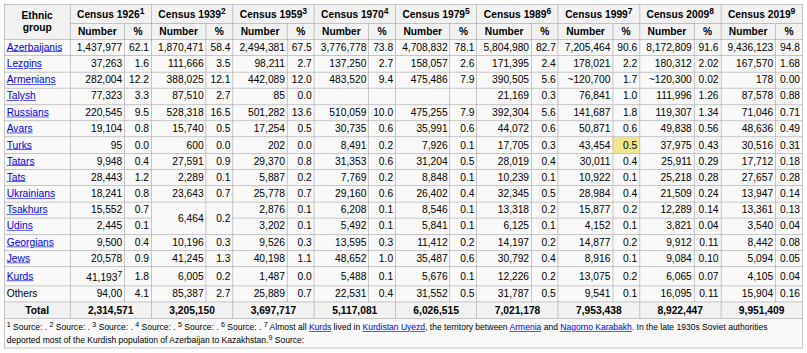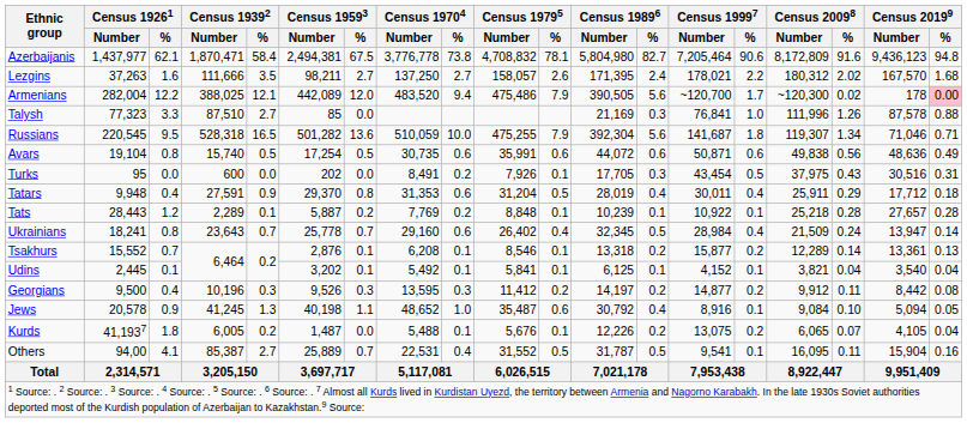 <table class="wikitable sortable" style="text-align: right;">
 <tr bgcolor="#e0e0e0">
 <th rowspan="2">Ethnic<br>group</th>
 <th colspan="2">Census 1926<sup>1</sup></th>
 <th colspan="2">Census 1939<sup>2</sup></th>
 <th colspan="2">Census 1959<sup>3</sup></th>
 <th colspan="2">Census 1970<sup>4</sup></th>
 <th colspan="2">Census 1979<sup>5</sup></th>
 <th colspan="2">Census 1989<sup>6</sup></th>
 <th colspan="2">Census 1999<sup>7</sup></th>
 <th colspan="2">Census 2009<sup>8</sup></th>
 <th colspan="2">Census 2019<sup>9</sup></th>
 </tr>
 <tr bgcolor="#e0e0e0">
 <th>Number</th>
 <th>%</th>
 <th>Number</th>
 <th>%</th>
 <th>Number</th>
 <th>%</th>
 <th>Number</th>
 <th>%</th>
 <th>Number</th>
 <th>%</th>
 <th>Number</th>
 <th>%</th>
 <th>Number</th>
 <th>%</th>
 <th>Number</th>
 <th>%</th>
 <th>Number</th>
 <th>%</th>
 </tr>
 <tr>
 <td align="left"><a href='#'>Azerbaijanis</a></td>
 <td align="right">1,437,977</td>
 <td align="right">62.1</td>
 <td align="right">1,870,471</td>
 <td align="right">58.4</td>
 <td align="right">2,494,381</td>
 <td align="right">67.5</td>
 <td align="right">3,776,778</td>
 <td align="right">73.8</td>
 <td align="right">4,708,832</td>
 <td align="right">78.1</td>
 <td align="right">5,804,980</td>
 <td align="right">82.7</td>
 <td align="right">7,205,464</td>
 <td align="right">90.6</td>
 <td align="right">8,172,809</td>
 <td align="right">91.6</td>
 <td align="right">9,436,123</td>
 <td align="right">94.8</td>
 </tr>
 <tr>
 <td align="left"><a href='#'>Lezgins</a></td>
 <td align="right">37,263</td>
 <td align="right">1.6</td>
 <td align="right">111,666</td>
 <td align="right">3.5</td>
 <td align="right">98,211</td>
 <td align="right">2.7</td>
 <td align="right">137,250</td>
 <td align="right">2.7</td>
 <td align="right">158,057</td>
 <td align="right">2.6</td>
 <td align="right">171,395</td>
 <td align="right">2.4</td>
 <td align="right">178,021</td>
 <td align="right">2.2</td>
 <td align="right">180,312</td>
 <td align="right">2.02</td>
 <td align="right">167,570</td>
 <td align="right">1.68</td>
 </tr>
 <tr>
 <td align="left"><a href='#'>Armenians</a></td>
 <td align="right">282,004</td>
 <td align="right">12.2</td>
 <td>388,025</td>
 <td>12.1</td>
 <td align="right">442,089</td>
 <td align="right">12.0</td>
 <td align="right">483,520</td>
 <td align="right">9.4</td>
 <td align="right">475,486</td>
 <td align="right">7.9</td>
 <td align="right">390,505</td>
 <td align="right">5.6</td>
 <td align="right">~120,700</td>
 <td align="right">1.7</td>
 <td align="right">~120,300</td>
 <td align="right">0.02</td>
 <td align="right">178</td>
-<td>0.00</td>
+<td style="background: pink;">0.00</td>
 </tr>
 <tr>
 <td align="left"><a href='#'>Talysh</a></td>
 <td align="right">77,323</td>
 <td align="right">3.3</td>
 <td align="right">87,510</td>
 <td align="right">2.7</td>
 <td align="right">85</td>
 <td align="right">0.0</td>
 <td align="right"></td>
 <td align="right"></td>
 <td align="right"></td>
 <td align="right"></td>
 <td align="right">21,169</td>
 <td align="right">0.3</td>
 <td align="right">76,841</td>
 <td align="right">1.0</td>
 <td align="right">111,996</td>
 <td align="right">1.26</td>
 <td align="right">87,578</td>
 <td align="right">0.88</td>
 </tr>
 <tr>
 <td align="left"><a href='#'>Russians</a></td>
 <td align="right">220,545</td>
 <td align="right">9.5</td>
 <td align="right">528,318</td>
 <td align="right">16.5</td>
 <td align="right">501,282</td>
 <td align="right">13.6</td>
 <td align="right">510,059</td>
 <td align="right">10.0</td>
 <td align="right">475,255</td>
 <td align="right">7.9</td>
 <td align="right">392,304</td>
 <td align="right">5.6</td>
 <td align="right">141,687</td>
 <td align="right">1.8</td>
 <td align="right">119,307</td>
 <td align="right">1.34</td>
 <td align="right">71,046</td>
 <td align="right">0.71</td>
 </tr>
 <tr>
 <td align="left"><a href='#'>Avars</a></td>
 <td align="right">19,104</td>
 <td align="right">0.8</td>
 <td align="right">15,740</td>
 <td align="right">0.5</td>
 <td align="right">17,254</td>
 <td align="right">0.5</td>
 <td align="right">30,735</td>
 <td align="right">0.6</td>
 <td align="right">35,991</td>
 <td align="right">0.6</td>
 <td align="right">44,072</td>
 <td align="right">0.6</td>
 <td align="right">50,871</td>
 <td align="right">0.6</td>
 <td align="right">49,838</td>
 <td align="right">0.56</td>
 <td align="right">48,636</td>
 <td align="right">0.49</td>
 </tr>
 <tr>
 <td align="left"><a href='#'>Turks</a></td>
 <td align="right">95</td>
 <td align="right">0.0</td>
 <td align="right">600</td>
 <td align="right">0.0</td>
 <td align="right">202</td>
 <td align="right">0.0</td>
 <td align="right">8,491</td>
 <td align="right">0.2</td>
 <td align="right">7,926</td>
 <td align="right">0.1</td>
 <td align="right">17,705</td>
 <td align="right">0.3</td>
 <td align="right">43,454</td>
-<td align="right" style="background: khaki;">0.5</td>
+<td align="right">0.5</td>
 <td align="right">37,975</td>
 <td align="right">0.43</td>
 <td align="right">30,516</td>
 <td align="right">0.31</td>
 </tr>
 <tr>
 <td align="left"><a href='#'>Tatars</a></td>
 <td align="right">9,948</td>
 <td align="right">0.4</td>
 <td align="right">27,591</td>
 <td align="right">0.9</td>
 <td align="right">29,370</td>
 <td align="right">0.8</td>
 <td align="right">31,353</td>
 <td align="right">0.6</td>
 <td align="right">31,204</td>
 <td align="right">0.5</td>
 <td align="right">28,019</td>
 <td align="right">0.4</td>
 <td align="right">30,011</td>
 <td align="right">0.4</td>
 <td align="right">25,911</td>
 <td align="right">0.29</td>
 <td align="right">17,712</td>
 <td align="right">0.18</td>
 </tr>
 <tr>
 <td align="left"><a href='#'>Tats</a></td>
 <td align="right">28,443</td>
 <td align="right">1.2</td>
 <td align="right">2,289</td>
 <td align="right">0.1</td>
 <td align="right">5,887</td>
 <td align="right">0.2</td>
 <td align="right">7,769</td>
 <td align="right">0.2</td>
 <td align="right">8,848</td>
 <td align="right">0.1</td>
 <td align="right">10,239</td>
 <td align="right">0.1</td>
 <td align="right">10,922</td>
 <td align="right">0.1</td>
 <td align="right">25,218</td>
 <td align="right">0.28</td>
 <td align="right">27,657</td>
 <td align="right">0.28</td>
 </tr>
 <tr>
 <td align="left"><a href='#'>Ukrainians</a></td>
 <td align="right">18,241</td>
 <td align="right">0.8</td>
 <td align="right">23,643</td>
 <td align="right">0.7</td>
 <td align="right">25,778</td>
 <td align="right">0.7</td>
 <td align="right">29,160</td>
 <td align="right">0.6</td>
 <td align="right">26,402</td>
 <td align="right">0.4</td>
 <td align="right">32,345</td>
 <td align="right">0.5</td>
 <td align="right">28,984</td>
 <td align="right">0.4</td>
 <td align="right">21,509</td>
 <td align="right">0.24</td>
 <td align="right">13,947</td>
 <td align="right">0.14</td>
 </tr>
 <tr>
 <td align="left"><a href='#'>Tsakhurs</a></td>
 <td align="right">15,552</td>
 <td align="right">0.7</td>
 <td rowspan="2" align="right">6,464</td>
 <td rowspan="2" align="right">0.2</td>
 <td align="right">2,876</td>
 <td align="right">0.1</td>
 <td align="right">6,208</td>
 <td align="right">0.1</td>
 <td align="right">8,546</td>
 <td align="right">0.1</td>
 <td align="right">13,318</td>
 <td align="right">0.2</td>
 <td align="right">15,877</td>
 <td align="right">0.2</td>
 <td align="right">12,289</td>
 <td align="right">0.14</td>
 <td align="right">13,361</td>
 <td align="right">0.13</td>
 </tr>
 <tr>
 <td align="left"><a href='#'>Udins</a></td>
 <td align="right">2,445</td>
 <td align="right">0.1</td>
 <td align="right">3,202</td>
 <td align="right">0.1</td>
 <td align="right">5,492</td>
 <td align="right">0.1</td>
 <td align="right">5,841</td>
 <td align="right">0.1</td>
 <td align="right">6,125</td>
 <td align="right">0.1</td>
 <td align="right">4,152</td>
 <td align="right">0.1</td>
 <td align="right">3,821</td>
 <td align="right">0.04</td>
 <td align="right">3,540</td>
 <td align="right">0.04</td>
 </tr>
 <tr>
 <td align="left"><a href='#'>Georgians</a></td>
 <td align="right">9,500</td>
 <td align="right">0.4</td>
 <td align="right">10,196</td>
 <td align="right">0.3</td>
 <td align="right">9,526</td>
 <td align="right">0.3</td>
 <td align="right">13,595</td>
 <td align="right">0.3</td>
 <td align="right">11,412</td>
 <td align="right">0.2</td>
 <td align="right">14,197</td>
 <td align="right">0.2</td>
 <td align="right">14,877</td>
 <td align="right">0.2</td>
 <td align="right">9,912</td>
 <td align="right">0.11</td>
 <td align="right">8,442</td>
 <td align="right">0.08</td>
 </tr>
 <tr>
 <td align="left"><a href='#'>Jews</a></td>
 <td align="right">20,578</td>
 <td align="right">0.9</td>
 <td align="right">41,245</td>
 <td align="right">1.3</td>
 <td align="right">40,198</td>
 <td align="right">1.1</td>
 <td align="right">48,652</td>
 <td align="right">1.0</td>
 <td align="right">35,487</td>
 <td align="right">0.6</td>
 <td align="right">30,792</td>
 <td align="right">0.4</td>
 <td align="right">8,916</td>
 <td align="right">0.1</td>
 <td align="right">9,084</td>
 <td align="right">0.10</td>
 <td align="right">5,094</td>
 <td align="right">0.05</td>
 </tr>
 <tr>
 <td align="left"><a href='#'>Kurds</a></td>
 <td align="right">41,193<sup>7</sup></td>
 <td align="right">1.8</td>
 <td align="right">6,005</td>
 <td align="right">0.2</td>
 <td align="right">1,487</td>
 <td align="right">0.0</td>
 <td align="right">5,488</td>
 <td align="right">0.1</td>
 <td align="right">5,676</td>
 <td align="right">0.1</td>
 <td align="right">12,226</td>
 <td align="right">0.2</td>
 <td align="right">13,075</td>
 <td align="right">0.2</td>
 <td align="right">6,065</td>
 <td align="right">0.07</td>
 <td align="right">4,105</td>
 <td align="right">0.04</td>
 </tr>
 <tr>
 <td align="left">Others</td>
 <td align="right">94,00</td>
 <td align="right">4.1</td>
 <td align="right">85,387</td>
 <td align="right">2.7</td>
 <td align="right">25,889</td>
 <td align="right">0.7</td>
 <td align="right">22,531</td>
 <td align="right">0.4</td>
 <td align="right">31,552</td>
 <td align="right">0.5</td>
 <td align="right">31,787</td>
 <td align="right">0.5</td>
 <td align="right">9,541</td>
 <td align="right">0.1</td>
 <td align="right">16,095</td>
 <td align="right">0.11</td>
 <td align="right">15,904</td>
 <td align="right">0.16</td>
 </tr>
 <tr bgcolor="#e0e0e0">
 <th align="left">Total</th>
 <th colspan="2">2,314,571</th>
 <th colspan="2">3,205,150</th>
 <th colspan="2">3,697,717</th>
 <th colspan="2">5,117,081</th>
 <th colspan="2">6,026,515</th>
 <th colspan="2">7,021,178</th>
 <th colspan="2">7,953,438</th>
 <th colspan="2">8,922,447</th>
 <th colspan="2">9,951,409</th>
 </tr>
 <tr>
 <td colspan="19" align="left"><small><sup>1</sup> Source: . <sup>2</sup> Source: . <sup>3</sup> Source: . <sup>4</sup> Source: . <sup>5</sup> Source: . <sup>6</sup> Source: . <sup>7</sup> Almost all <a href='#'>Kurds</a> lived in <a href='#'>Kurdistan Uyezd</a>, the territory between <a href='#'>Armenia</a> and <a href='#'>Nagorno Karabakh</a>. In the late 1930s Soviet authorities deported most of the Kurdish population of Azerbaijan to Kazakhstan.<sup>9</sup> Source:</small></td>
 </tr>
 </table>
